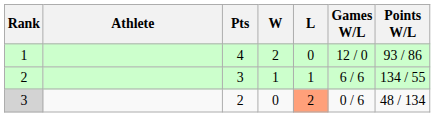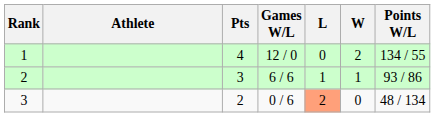 <table class="wikitable" style="text-align: center; font-size:90% ">
 <tr>
 <th width="20">Rank</th>
 <th width="180">Athlete</th>
 <th width="30">Pts</th>
+<th width="40">Games<br>W/L</th>
+<th width="30">L</th>
 <th width="30">W</th>
-<th width="30">L</th>
-<th width="40">Games<br>W/L</th>
 <th width="50">Points<br>W/L</th>
 </tr>
 <tr bgcolor=#ccffcc>
 <td>1</td>
 <td align=left></td>
 <td>4</td>
+<td>12 / 0</td>
+<td>0</td>
 <td>2</td>
-<td>0</td>
-<td>12 / 0</td>
-<td>93 / 86</td>
+<td>134 / 55</td>
 </tr>
 <tr bgcolor=#ccffcc>
 <td>2</td>
 <td align=left></td>
 <td>3</td>
+<td>6 / 6</td>
 <td>1</td>
 <td>1</td>
-<td>6 / 6</td>
-<td>134 / 55</td>
+<td>93 / 86</td>
 </tr>
 <tr>
-<td style="background: lightgrey;">3</td>
+<td>3</td>
 <td align=left></td>
 <td>2</td>
+<td>0 / 6</td>
+<td style="background: lightsalmon;">2</td>
 <td>0</td>
-<td style="background: lightsalmon;">2</td>
-<td>0 / 6</td>
 <td>48 / 134</td>
 </tr>
 </table>
